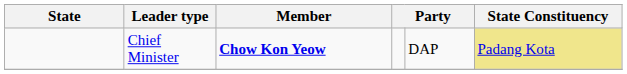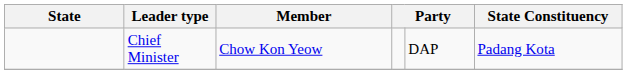 <table class ="wikitable sortable">
 <tr>
 <th style="width:120px;">State</th>
 <th style="width:90px;">Leader type</th>
 <th style="width:180px;">Member</th>
 <th style="width:80px;" colspan=2>Party</th>
 <th style="width:150px;">State Constituency</th>
 </tr>
 <tr>
 <td></td>
 <td><a href='#'>Chief Minister</a></td>
-<td><strong><a href='#'>Chow Kon Yeow</a></strong></td>
+<td><a href='#'>Chow Kon Yeow</a></td>
 <td></td>
 <td>DAP</td>
-<td style="background: khaki;"><a href='#'>Padang Kota</a></td>
+<td><a href='#'>Padang Kota</a></td>
 </tr>
 <tr>
 </tr>
 </table>
